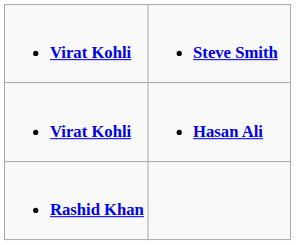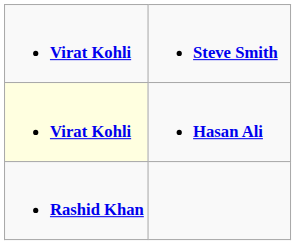 <table class=wikitable>
 <tr>
 <td valign="top" width="50%"><br><ul><li><strong> <a href='#'>Virat Kohli</a></strong></li></ul></td>
 <td valign="top" width="50%"><br><ul><li><strong> <a href='#'>Steve Smith</a></strong></li></ul></td>
 </tr>
 <tr>
-<td valign="top" width="50%"><br><ul><li><strong> <a href='#'>Virat Kohli</a></strong></li></ul></td>
+<td valign="top" width="50%" style="background: lightyellow;"><br><ul><li><strong> <a href='#'>Virat Kohli</a></strong></li></ul></td>
 <td valign="top" width="50%"><br><ul><li><strong> <a href='#'>Hasan Ali</a></strong></li></ul></td>
 </tr>
 <tr>
 <td valign="top" width="50%"><br><ul><li><strong> <a href='#'>Rashid Khan</a></strong></li></ul></td>
 </tr>
 </table>
